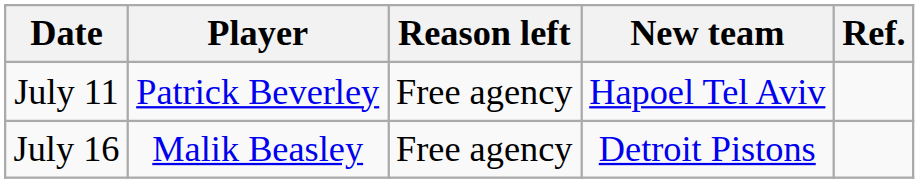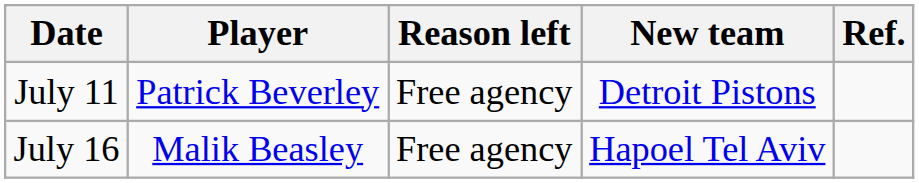 <table class="wikitable sortable sortable" style="text-align: center">
 <tr>
 <th>Date</th>
 <th>Player</th>
 <th>Reason left</th>
 <th>New team</th>
 <th>Ref.</th>
 </tr>
 <tr>
 <td>July 11</td>
 <td><a href='#'>Patrick Beverley</a></td>
 <td>Free agency</td>
-<td> <a href='#'>Hapoel Tel Aviv</a></td>
+<td><a href='#'>Detroit Pistons</a></td>
 <td></td>
 </tr>
 <tr>
 <td>July 16</td>
 <td><a href='#'>Malik Beasley</a></td>
 <td>Free agency</td>
-<td><a href='#'>Detroit Pistons</a></td>
+<td> <a href='#'>Hapoel Tel Aviv</a></td>
 <td></td>
 </tr>
 </table>
